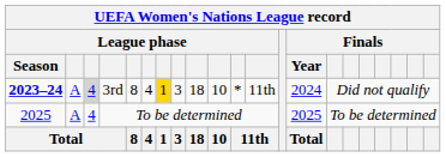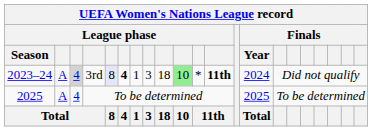 <table class="wikitable" style="text-align:center">
 <tr>
 <th colspan="22"><a href='#'>UEFA Women's Nations League</a> record</th>
 </tr>
 <tr>
 <th colspan="12">League phase</th>
 <th rowspan="5"></th>
 <th colspan="9">Finals</th>
 </tr>
 <tr>
 <th>Season</th>
 <th></th>
 <th></th>
 <th></th>
 <th></th>
 <th></th>
 <th></th>
 <th></th>
 <th></th>
 <th></th>
 <th></th>
 <th></th>
 <th>Year</th>
 <th></th>
 <th></th>
 <th></th>
 <th></th>
 <th></th>
 <th></th>
 <th></th>
 </tr>
 <tr>
-<td><strong><a href='#'>2023–24</a></strong></td>
+<td><a href='#'>2023–24</a></td>
 <td><a href='#'>A</a></td>
 <td style="background: lightgrey;"><a href='#'>4</a></td>
 <td>3rd</td>
-<td>8</td>
-<td>4</td>
-<td style="background: gold;">1</td>
+<td style="background: lavender;">8</td>
+<td><strong>4</strong></td>
+<td>1</td>
 <td>3</td>
 <td>18</td>
-<td>10</td>
+<td style="background: lightgreen;">10</td>
 <td>*</td>
-<td>11th</td>
+<td><strong>11th</strong></td>
 <td> <a href='#'>2024</a></td>
 <td colspan="8"><em>Did not qualify</em></td>
 </tr>
 <tr>
 <td><a href='#'>2025</a></td>
 <td><a href='#'>A</a></td>
 <td><a href='#'>4</a></td>
 <td colspan=9><em>To be determined</em></td>
 <td> <a href='#'>2025</a></td>
 <td colspan=7><em>To be determined</em></td>
 </tr>
 <tr>
 <th colspan=4>Total</th>
 <th>8</th>
 <th>4</th>
 <th>1</th>
 <th>3</th>
 <th>18</th>
 <th>10</th>
 <th colspan=2>11th</th>
 <th>Total</th>
 <th></th>
 <th></th>
 <th></th>
 <th></th>
 <th></th>
 <th></th>
 <th></th>
 </tr>
 </table>
